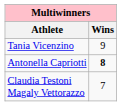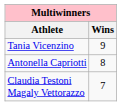 <table class="wikitable" style="margin-left: auto; margin-right: auto; border: none; font-size:90%; text-align:left">
 <tr>
 <td bgcolor=pink align=center colspan=2><strong>Multiwinners</strong></td>
 </tr>
 <tr>
 <th>Athlete</th>
 <th>Wins</th>
 </tr>
 <tr>
 <td><a href='#'>Tania Vicenzino</a></td>
 <td align=center>9</td>
 </tr>
 <tr>
 <td><a href='#'>Antonella Capriotti</a></td>
-<td align=center><strong>8</strong></td>
+<td align=center>8</td>
 </tr>
 <tr>
 <td><a href='#'>Claudia Testoni</a><br><a href='#'>Magaly Vettorazzo</a></td>
 <td align=center>7</td>
 </tr>
 </table>
